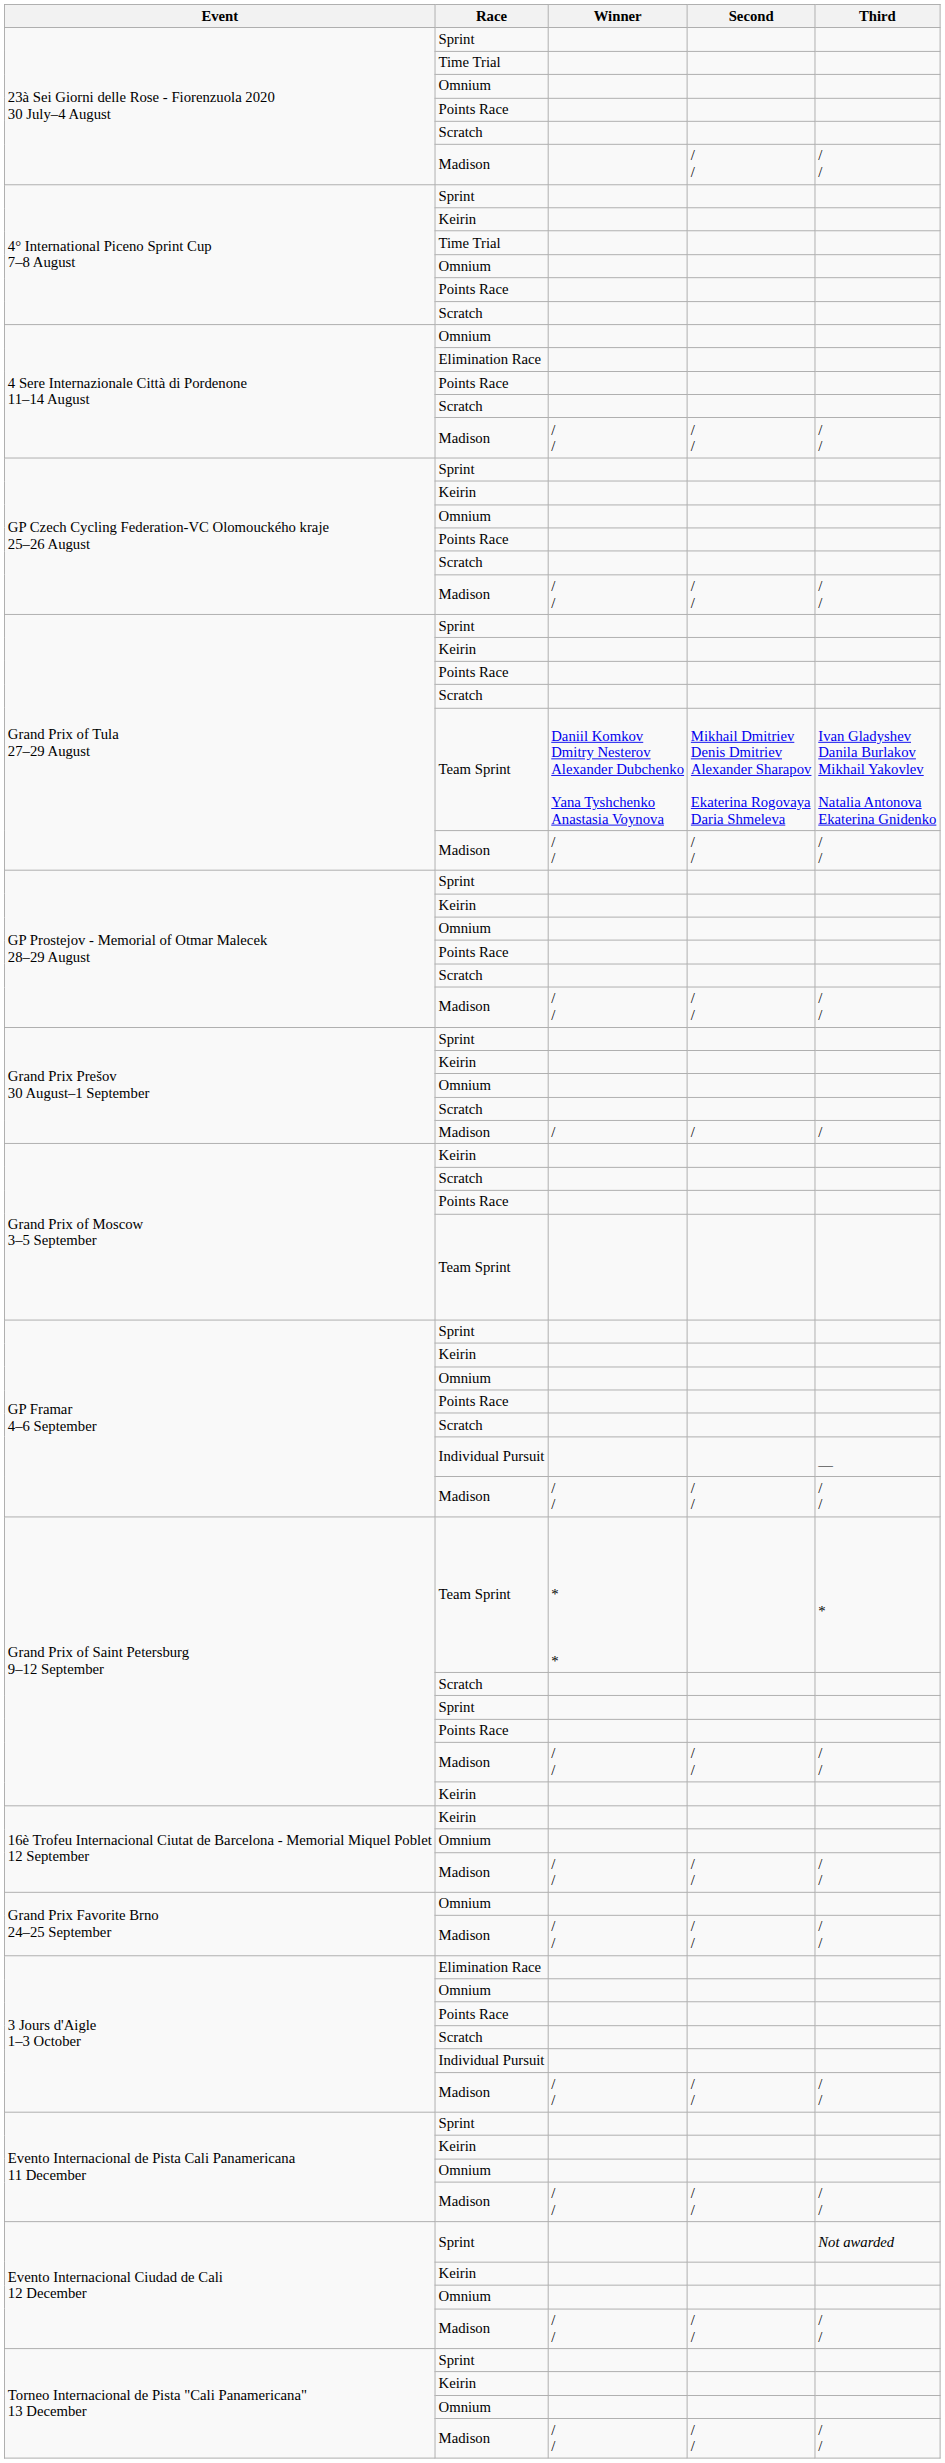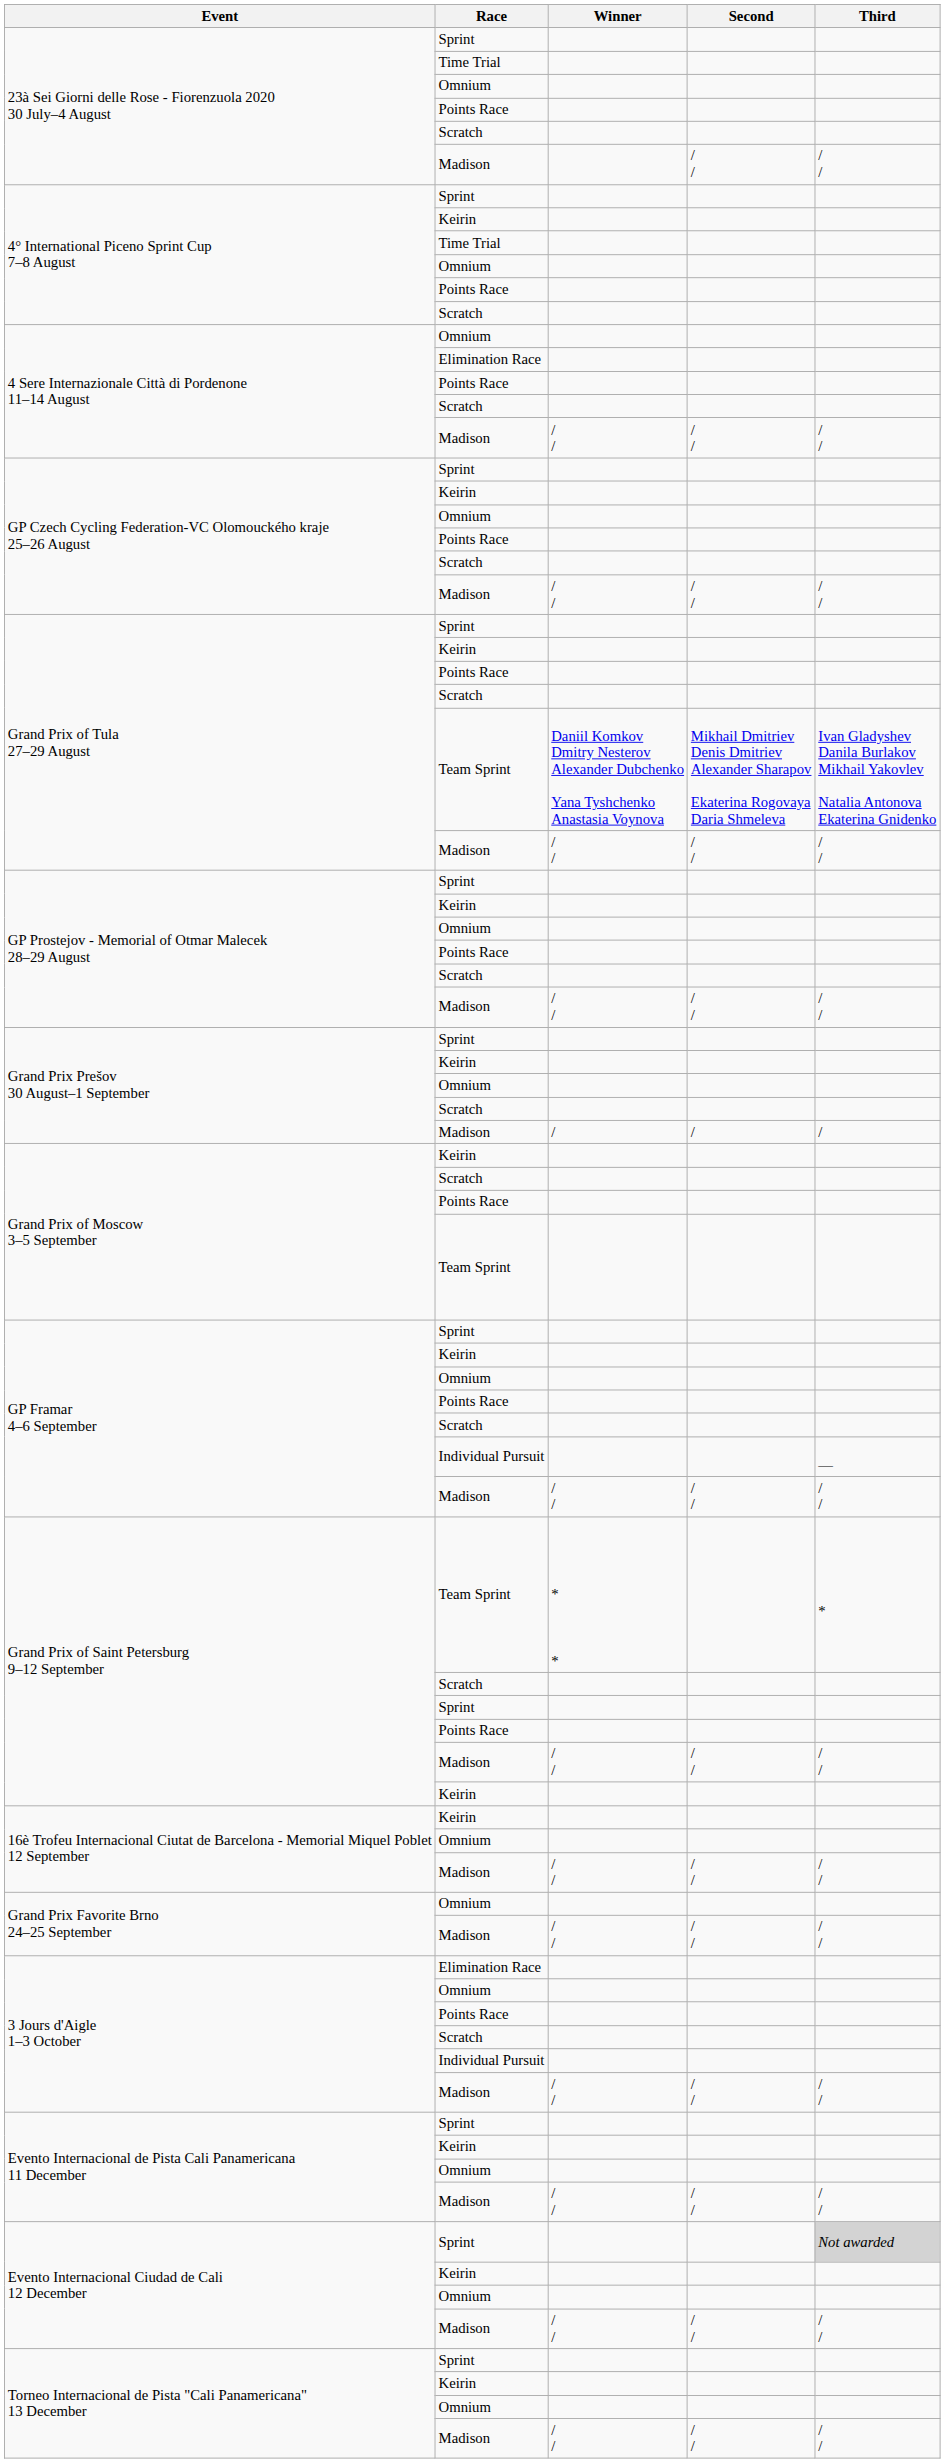 <table class="wikitable sortable">
 <tr>
 <th>Event</th>
 <th>Race</th>
 <th>Winner</th>
 <th>Second</th>
 <th>Third</th>
 </tr>
 <tr>
 <td rowspan=6>23à Sei Giorni delle Rose - Fiorenzuola 2020<br> 30 July–4 August</td>
 <td>Sprint</td>
 <td><br></td>
 <td><br></td>
 <td><br></td>
 </tr>
 <tr>
 <td>Time Trial</td>
 <td></td>
 <td></td>
 <td></td>
 </tr>
 <tr>
 <td>Omnium</td>
 <td><br></td>
 <td><br></td>
 <td><br></td>
 </tr>
 <tr>
 <td>Points Race</td>
 <td><br></td>
 <td><br></td>
 <td><br></td>
 </tr>
 <tr>
 <td>Scratch</td>
 <td></td>
 <td></td>
 <td></td>
 </tr>
 <tr>
 <td>Madison</td>
 <td></td>
 <td>/<br>/</td>
 <td>/<br>/</td>
 </tr>
 <tr>
 <td rowspan=6>4° International Piceno Sprint Cup<br> 7–8 August</td>
 <td>Sprint</td>
 <td><br></td>
 <td><br></td>
 <td><br></td>
 </tr>
 <tr>
 <td>Keirin</td>
 <td></td>
 <td></td>
 <td></td>
 </tr>
 <tr>
 <td>Time Trial</td>
 <td></td>
 <td></td>
 <td></td>
 </tr>
 <tr>
 <td>Omnium</td>
 <td><br></td>
 <td><br></td>
 <td><br></td>
 </tr>
 <tr>
 <td>Points Race</td>
 <td><br></td>
 <td><br></td>
 <td><br></td>
 </tr>
 <tr>
 <td>Scratch</td>
 <td><br></td>
 <td><br></td>
 <td><br></td>
 </tr>
 <tr>
 <td rowspan=5>4 Sere Internazionale Città di Pordenone<br> 11–14 August</td>
 <td>Omnium</td>
 <td></td>
 <td></td>
 <td></td>
 </tr>
 <tr>
 <td>Elimination Race</td>
 <td></td>
 <td></td>
 <td></td>
 </tr>
 <tr>
 <td>Points Race</td>
 <td><br></td>
 <td><br></td>
 <td><br></td>
 </tr>
 <tr>
 <td>Scratch</td>
 <td></td>
 <td></td>
 <td></td>
 </tr>
 <tr>
 <td>Madison</td>
 <td>/<br>/</td>
 <td>/<br>/</td>
 <td>/<br>/</td>
 </tr>
 <tr>
 <td rowspan=6>GP Czech Cycling Federation-VC Olomouckého kraje<br> 25–26 August</td>
 <td>Sprint</td>
 <td><br></td>
 <td><br></td>
 <td><br></td>
 </tr>
 <tr>
 <td>Keirin</td>
 <td><br></td>
 <td><br></td>
 <td><br></td>
 </tr>
 <tr>
 <td>Omnium</td>
 <td><br></td>
 <td><br></td>
 <td><br></td>
 </tr>
 <tr>
 <td>Points Race</td>
 <td><br></td>
 <td><br></td>
 <td><br></td>
 </tr>
 <tr>
 <td>Scratch</td>
 <td><br></td>
 <td><br></td>
 <td><br></td>
 </tr>
 <tr>
 <td>Madison</td>
 <td>/<br>/</td>
 <td>/<br>/</td>
 <td>/<br>/</td>
 </tr>
 <tr>
 <td rowspan=6>Grand Prix of Tula<br> 27–29 August</td>
 <td>Sprint</td>
 <td><br></td>
 <td><br></td>
 <td><br></td>
 </tr>
 <tr>
 <td>Keirin</td>
 <td><br></td>
 <td><br></td>
 <td><br></td>
 </tr>
 <tr>
 <td>Points Race</td>
 <td><br></td>
 <td><br></td>
 <td><br></td>
 </tr>
 <tr>
 <td>Scratch</td>
 <td><br></td>
 <td><br></td>
 <td><br></td>
 </tr>
 <tr>
 <td>Team Sprint</td>
 <td><br><a href='#'>Daniil Komkov</a><br><a href='#'>Dmitry Nesterov</a><br><a href='#'>Alexander Dubchenko</a><br><br><a href='#'>Yana Tyshchenko</a><br><a href='#'>Anastasia Voynova</a></td>
 <td><br><a href='#'>Mikhail Dmitriev</a><br><a href='#'>Denis Dmitriev</a><br><a href='#'>Alexander Sharapov</a><br><br><a href='#'>Ekaterina Rogovaya</a><br><a href='#'>Daria Shmeleva</a></td>
 <td><br><a href='#'>Ivan Gladyshev</a><br><a href='#'>Danila Burlakov</a><br><a href='#'>Mikhail Yakovlev</a><br><br><a href='#'>Natalia Antonova</a><br><a href='#'>Ekaterina Gnidenko</a></td>
 </tr>
 <tr>
 <td>Madison</td>
 <td>/<br>/</td>
 <td>/<br>/</td>
 <td>/<br>/</td>
 </tr>
 <tr>
 <td rowspan=6>GP Prostejov - Memorial of Otmar Malecek<br> 28–29 August</td>
 <td>Sprint</td>
 <td><br></td>
 <td><br></td>
 <td><br></td>
 </tr>
 <tr>
 <td>Keirin</td>
 <td><br></td>
 <td><br></td>
 <td><br></td>
 </tr>
 <tr>
 <td>Omnium</td>
 <td><br></td>
 <td><br></td>
 <td><br></td>
 </tr>
 <tr>
 <td>Points Race</td>
 <td></td>
 <td></td>
 <td></td>
 </tr>
 <tr>
 <td>Scratch</td>
 <td><br></td>
 <td><br></td>
 <td><br></td>
 </tr>
 <tr>
 <td>Madison</td>
 <td>/<br>/</td>
 <td>/<br>/</td>
 <td>/<br>/</td>
 </tr>
 <tr>
 <td rowspan=5>Grand Prix Prešov<br> 30 August–1 September</td>
 <td>Sprint</td>
 <td><br></td>
 <td><br></td>
 <td><br></td>
 </tr>
 <tr>
 <td>Keirin</td>
 <td><br></td>
 <td><br></td>
 <td><br></td>
 </tr>
 <tr>
 <td>Omnium</td>
 <td></td>
 <td></td>
 <td></td>
 </tr>
 <tr>
 <td>Scratch</td>
 <td><br></td>
 <td><br></td>
 <td><br></td>
 </tr>
 <tr>
 <td>Madison</td>
 <td>/</td>
 <td>/</td>
 <td>/</td>
 </tr>
 <tr>
 <td rowspan=4>Grand Prix of Moscow<br> 3–5 September</td>
 <td>Keirin</td>
 <td></td>
 <td></td>
 <td></td>
 </tr>
 <tr>
 <td>Scratch</td>
 <td><br></td>
 <td><br></td>
 <td><br></td>
 </tr>
 <tr>
 <td>Points Race</td>
 <td></td>
 <td></td>
 <td></td>
 </tr>
 <tr>
 <td>Team Sprint</td>
 <td><br><br><br><br><br><br></td>
 <td><br><br><br><br><br><br></td>
 <td><br><br><br><br><br><br></td>
 </tr>
 <tr>
 <td rowspan=7>GP Framar<br> 4–6 September</td>
 <td>Sprint</td>
 <td><br></td>
 <td><br></td>
 <td><br></td>
 </tr>
 <tr>
 <td>Keirin</td>
 <td></td>
 <td></td>
 <td></td>
 </tr>
 <tr>
 <td>Omnium</td>
 <td><br></td>
 <td><br></td>
 <td><br></td>
 </tr>
 <tr>
 <td>Points Race</td>
 <td><br></td>
 <td><br></td>
 <td><br></td>
 </tr>
 <tr>
 <td>Scratch</td>
 <td><br></td>
 <td><br></td>
 <td><br></td>
 </tr>
 <tr>
 <td>Individual Pursuit</td>
 <td><br></td>
 <td><br></td>
 <td><br>—</td>
 </tr>
 <tr>
 <td>Madison</td>
 <td>/<br>/</td>
 <td>/<br>/</td>
 <td>/<br>/</td>
 </tr>
 <tr>
 <td rowspan=6>Grand Prix of Saint Petersburg<br> 9–12 September</td>
 <td>Team Sprint</td>
 <td><br><br><br><br>*<br><br><br><br>*</td>
 <td><br><br><br><br><br><br></td>
 <td><br><br><br><br>*<br><br><br></td>
 </tr>
 <tr>
 <td>Scratch</td>
 <td><br></td>
 <td><br></td>
 <td><br></td>
 </tr>
 <tr>
 <td>Sprint</td>
 <td><br></td>
 <td><br></td>
 <td><br></td>
 </tr>
 <tr>
 <td>Points Race</td>
 <td><br></td>
 <td><br></td>
 <td><br></td>
 </tr>
 <tr>
 <td>Madison</td>
 <td>/<br>/</td>
 <td>/<br>/</td>
 <td>/<br>/</td>
 </tr>
 <tr>
 <td>Keirin</td>
 <td><br></td>
 <td><br></td>
 <td><br></td>
 </tr>
 <tr>
 <td rowspan=3>16è Trofeu Internacional Ciutat de Barcelona - Memorial Miquel Poblet<br> 12 September</td>
 <td>Keirin</td>
 <td><br></td>
 <td><br></td>
 <td><br></td>
 </tr>
 <tr>
 <td>Omnium</td>
 <td><br></td>
 <td><br></td>
 <td><br></td>
 </tr>
 <tr>
 <td>Madison</td>
 <td>/<br>/</td>
 <td>/<br>/</td>
 <td>/<br>/</td>
 </tr>
 <tr>
 <td rowspan=2>Grand Prix Favorite Brno<br> 24–25 September</td>
 <td>Omnium</td>
 <td><br></td>
 <td><br></td>
 <td><br></td>
 </tr>
 <tr>
 <td>Madison</td>
 <td>/<br>/</td>
 <td>/<br>/</td>
 <td>/<br>/</td>
 </tr>
 <tr>
 <td rowspan=6>3 Jours d'Aigle<br> 1–3 October</td>
 <td>Elimination Race</td>
 <td><br></td>
 <td><br></td>
 <td><br></td>
 </tr>
 <tr>
 <td>Omnium</td>
 <td><br></td>
 <td><br></td>
 <td><br></td>
 </tr>
 <tr>
 <td>Points Race</td>
 <td><br></td>
 <td><br></td>
 <td><br></td>
 </tr>
 <tr>
 <td>Scratch</td>
 <td><br></td>
 <td><br></td>
 <td><br></td>
 </tr>
 <tr>
 <td>Individual Pursuit</td>
 <td><br></td>
 <td><br></td>
 <td><br></td>
 </tr>
 <tr>
 <td>Madison</td>
 <td>/<br>/</td>
 <td>/<br>/</td>
 <td>/<br>/</td>
 </tr>
 <tr>
 <td rowspan=4>Evento Internacional de Pista Cali Panamericana<br> 11 December</td>
 <td>Sprint</td>
 <td><br></td>
 <td><br></td>
 <td><br></td>
 </tr>
 <tr>
 <td>Keirin</td>
 <td><br></td>
 <td><br></td>
 <td><br></td>
 </tr>
 <tr>
 <td>Omnium</td>
 <td><br></td>
 <td><br></td>
 <td><br></td>
 </tr>
 <tr>
 <td>Madison</td>
 <td>/<br>/</td>
 <td>/<br>/</td>
 <td>/<br>/</td>
 </tr>
 <tr>
 <td rowspan=4>Evento Internacional Ciudad de Cali<br> 12 December</td>
 <td>Sprint</td>
 <td><br></td>
 <td><br><br></td>
-<td><em>Not awarded</em><br></td>
+<td style="background: lightgrey;"><em>Not awarded</em><br></td>
 </tr>
 <tr>
 <td>Keirin</td>
 <td><br></td>
 <td><br></td>
 <td><br></td>
 </tr>
 <tr>
 <td>Omnium</td>
 <td><br></td>
 <td><br></td>
 <td><br></td>
 </tr>
 <tr>
 <td>Madison</td>
 <td>/<br>/</td>
 <td>/<br>/</td>
 <td>/<br>/</td>
 </tr>
 <tr>
 <td rowspan=4>Torneo Internacional de Pista "Cali Panamericana"<br> 13 December</td>
 <td>Sprint</td>
 <td><br></td>
 <td><br></td>
 <td><br></td>
 </tr>
 <tr>
 <td>Keirin</td>
 <td><br></td>
 <td><br></td>
 <td><br></td>
 </tr>
 <tr>
 <td>Omnium</td>
 <td><br></td>
 <td><br></td>
 <td><br></td>
 </tr>
 <tr>
 <td>Madison</td>
 <td>/<br>/</td>
 <td>/<br>/</td>
 <td>/<br>/</td>
 </tr>
 </table>
